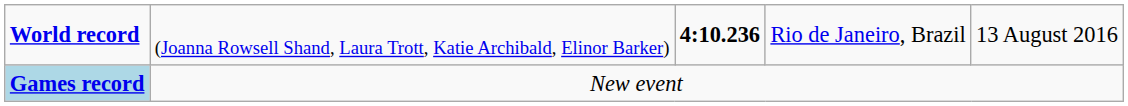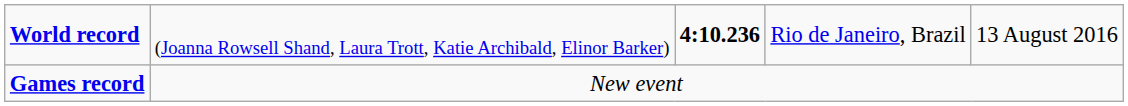 <table class="wikitable">
 <tr>
 <td><a href='#'><strong>World record</strong></a></td>
 <td><br><small>(<a href='#'>Joanna Rowsell Shand</a>, <a href='#'>Laura Trott</a>, <a href='#'>Katie Archibald</a>, <a href='#'>Elinor Barker</a>)</small></td>
 <td><strong>4:10.236</strong></td>
 <td><a href='#'>Rio de Janeiro</a>, Brazil</td>
 <td>13 August 2016</td>
 </tr>
 <tr>
-<td style="background: lightblue;"><a href='#'><strong>Games record</strong></a></td>
+<td><a href='#'><strong>Games record</strong></a></td>
 <td colspan=4 align="center"><em>New event</em></td>
 </tr>
 </table>
